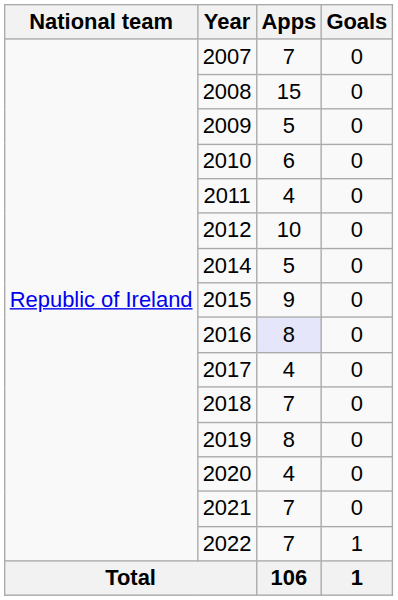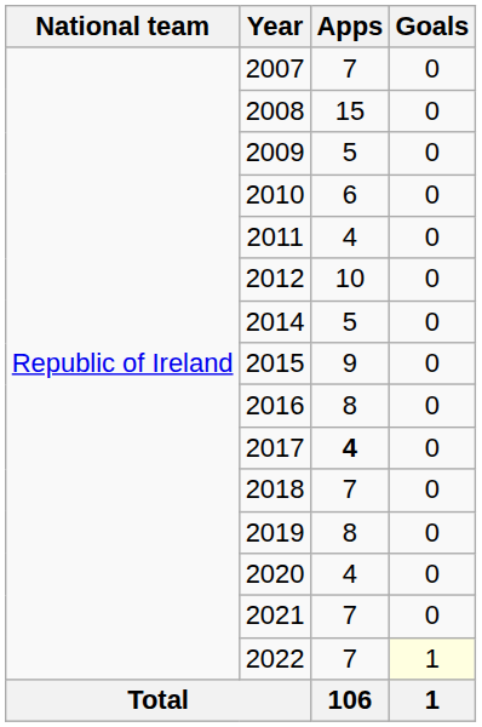 <table class="sortable wikitable" style="text-align:center">
 <tr>
 <th scope="col">National team</th>
 <th scope="col">Year</th>
 <th !scope="col">Apps</th>
 <th !scope="col">Goals</th>
 </tr>
 <tr>
 <td rowspan="15"><a href='#'>Republic of Ireland</a></td>
 <td scope="row">2007</td>
 <td>7</td>
 <td>0</td>
 </tr>
 <tr>
 <td scope="row">2008</td>
 <td>15</td>
 <td>0</td>
 </tr>
 <tr>
 <td scope="row">2009</td>
 <td>5</td>
 <td>0</td>
 </tr>
 <tr>
 <td scope="row">2010</td>
 <td>6</td>
 <td>0</td>
 </tr>
 <tr>
 <td scope="row">2011</td>
 <td>4</td>
 <td>0</td>
 </tr>
 <tr>
 <td scope="row">2012</td>
 <td>10</td>
 <td>0</td>
 </tr>
 <tr>
 <td scope="row">2014</td>
 <td>5</td>
 <td>0</td>
 </tr>
 <tr>
 <td scope="row">2015</td>
 <td>9</td>
 <td>0</td>
 </tr>
 <tr>
 <td scope="row">2016</td>
-<td style="background: lavender;">8</td>
+<td>8</td>
 <td>0</td>
 </tr>
 <tr>
 <td scope="row">2017</td>
-<td>4</td>
+<td><strong>4</strong></td>
 <td>0</td>
 </tr>
 <tr>
 <td scope="row">2018</td>
 <td>7</td>
 <td>0</td>
 </tr>
 <tr>
 <td scope="row">2019</td>
 <td>8</td>
 <td>0</td>
 </tr>
 <tr>
 <td scope="row">2020</td>
 <td>4</td>
 <td>0</td>
 </tr>
 <tr>
 <td scope="row">2021</td>
 <td>7</td>
 <td>0</td>
 </tr>
 <tr>
 <td scope="row">2022</td>
 <td>7</td>
-<td>1</td>
+<td style="background: lightyellow;">1</td>
 </tr>
 <tr>
 <th colspan="2">Total</th>
 <th>106</th>
 <th>1</th>
 </tr>
 </table>
